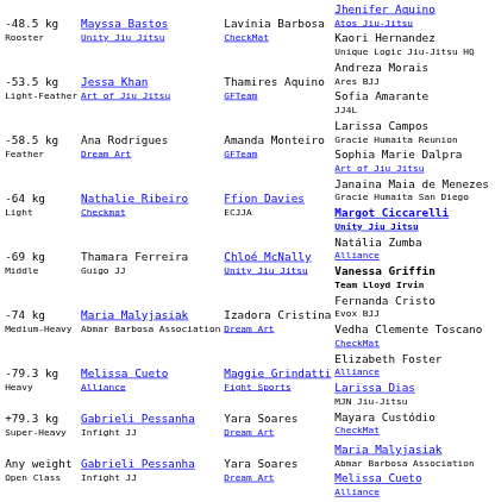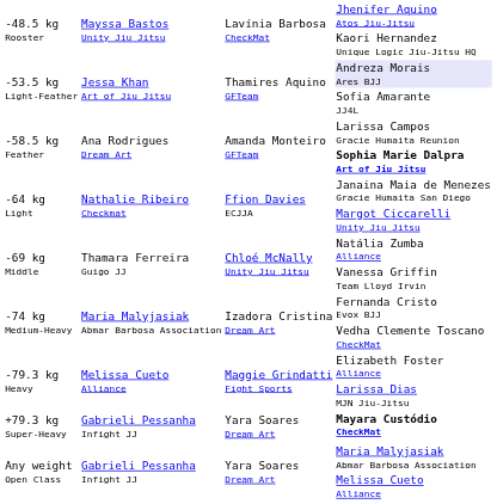 <table>
 <tr>
 <td rowspan=2>-48.5 kg<br><small>Rooster</small></td>
 <td rowspan=2> <a href='#'>Mayssa Bastos</a><br><small><a href='#'>Unity Jiu Jitsu</a></small></td>
 <td rowspan=2> Lavínia Barbosa<br><small><a href='#'>CheckMat</a></small></td>
 <td> <a href='#'>Jhenifer Aquino</a><br><small><a href='#'>Atos Jiu-Jitsu</a></small></td>
 </tr>
 <tr>
 <td> Kaori Hernandez<br><small>Unique Logic Jiu-Jitsu HQ</small></td>
 </tr>
 <tr>
 <td rowspan=2>-53.5 kg<br><small>Light-Feather</small></td>
 <td rowspan=2> <a href='#'>Jessa Khan</a><br><small><a href='#'>Art of Jiu Jitsu</a></small></td>
 <td rowspan=2> Thamires Aquino<br><small><a href='#'>GFTeam</a></small></td>
-<td> Andreza Morais<br><small>Ares BJJ</small></td>
+<td style="background: lavender;"> Andreza Morais<br><small>Ares BJJ</small></td>
 </tr>
 <tr>
 <td> Sofia Amarante<br><small>JJ4L</small></td>
 </tr>
 <tr>
 <td rowspan=2>-58.5 kg<br><small>Feather</small></td>
 <td rowspan=2> Ana Rodrigues<br><small><a href='#'>Dream Art</a></small></td>
 <td rowspan=2> Amanda Monteiro<br><small><a href='#'>GFTeam</a></small></td>
 <td> Larissa Campos<br><small>Gracie Humaita Reunion</small></td>
 </tr>
 <tr>
-<td> Sophia Marie Dalpra<br><small><a href='#'>Art of Jiu Jitsu</a></small></td>
+<td><strong> Sophia Marie Dalpra<br><small><a href='#'>Art of Jiu Jitsu</a></small></strong></td>
 </tr>
 <tr>
 <td rowspan=2>-64 kg<br><small>Light</small></td>
 <td rowspan=2> <a href='#'>Nathalie Ribeiro</a><br><small><a href='#'>Checkmat</a></small></td>
 <td rowspan=2> <a href='#'>Ffion Davies</a><br><small>ECJJA</small></td>
 <td> Janaina Maia de Menezes<br><small>Gracie Humaita San Diego</small></td>
 </tr>
 <tr>
-<td><strong> <a href='#'>Margot Ciccarelli</a><br><small><a href='#'>Unity Jiu Jitsu</a></small></strong></td>
+<td> <a href='#'>Margot Ciccarelli</a><br><small><a href='#'>Unity Jiu Jitsu</a></small></td>
 </tr>
 <tr>
 <td rowspan=2>-69 kg<br><small>Middle</small></td>
 <td rowspan=2> Thamara Ferreira<br><small>Guigo JJ</small></td>
 <td rowspan=2> <a href='#'>Chloé McNally</a><br><small><a href='#'>Unity Jiu Jitsu</a></small></td>
 <td> Natália Zumba<br><small><a href='#'>Alliance</a></small></td>
 </tr>
 <tr>
-<td><strong> Vanessa Griffin<br><small>Team Lloyd Irvin</small></strong></td>
+<td> Vanessa Griffin<br><small>Team Lloyd Irvin</small></td>
 </tr>
 <tr>
 <td rowspan=2>-74 kg<br><small>Medium-Heavy</small></td>
 <td rowspan=2> <a href='#'>Maria Malyjasiak</a><br><small>Abmar Barbosa Association</small></td>
 <td rowspan=2> Izadora Cristina<br><small><a href='#'>Dream Art</a></small></td>
 <td> Fernanda Cristo<br><small>Evox BJJ</small></td>
 </tr>
 <tr>
 <td> Vedha Clemente Toscano<br><small><a href='#'>CheckMat</a></small></td>
 </tr>
 <tr>
 <td rowspan=2>-79.3 kg<br><small>Heavy</small></td>
 <td rowspan=2> <a href='#'>Melissa Cueto</a><br><small><a href='#'>Alliance</a></small></td>
 <td rowspan=2> <a href='#'>Maggie Grindatti</a><br><small><a href='#'>Fight Sports</a></small></td>
 <td> Elizabeth Foster<br><small><a href='#'>Alliance</a></small></td>
 </tr>
 <tr>
 <td> <a href='#'>Larissa Dias</a><br><small> MJN Jiu-Jitsu</small></td>
 </tr>
 <tr>
 <td rowspan=2>+79.3 kg<br><small>Super-Heavy</small></td>
 <td rowspan=2> <a href='#'>Gabrieli Pessanha</a><br><small>Infight JJ</small></td>
 <td rowspan=2> Yara Soares<br><small><a href='#'>Dream Art</a></small></td>
-<td> Mayara Custódio<br><small><a href='#'>CheckMat</a></small></td>
+<td><strong> Mayara Custódio<br><small><a href='#'>CheckMat</a></small></strong></td>
 </tr>
 <tr>
 <td></td>
 </tr>
 <tr>
 <td rowspan=2>Any weight<br><small>Open Class</small></td>
 <td rowspan=2> <a href='#'>Gabrieli Pessanha</a><br><small>Infight JJ</small></td>
 <td rowspan=2> Yara Soares<br><small><a href='#'>Dream Art</a></small></td>
 <td> <a href='#'>Maria Malyjasiak</a><br><small>Abmar Barbosa Association</small></td>
 </tr>
 <tr>
 <td> <a href='#'>Melissa Cueto</a><br><small><a href='#'>Alliance</a></small></td>
 </tr>
 <tr>
 </tr>
 </table>
